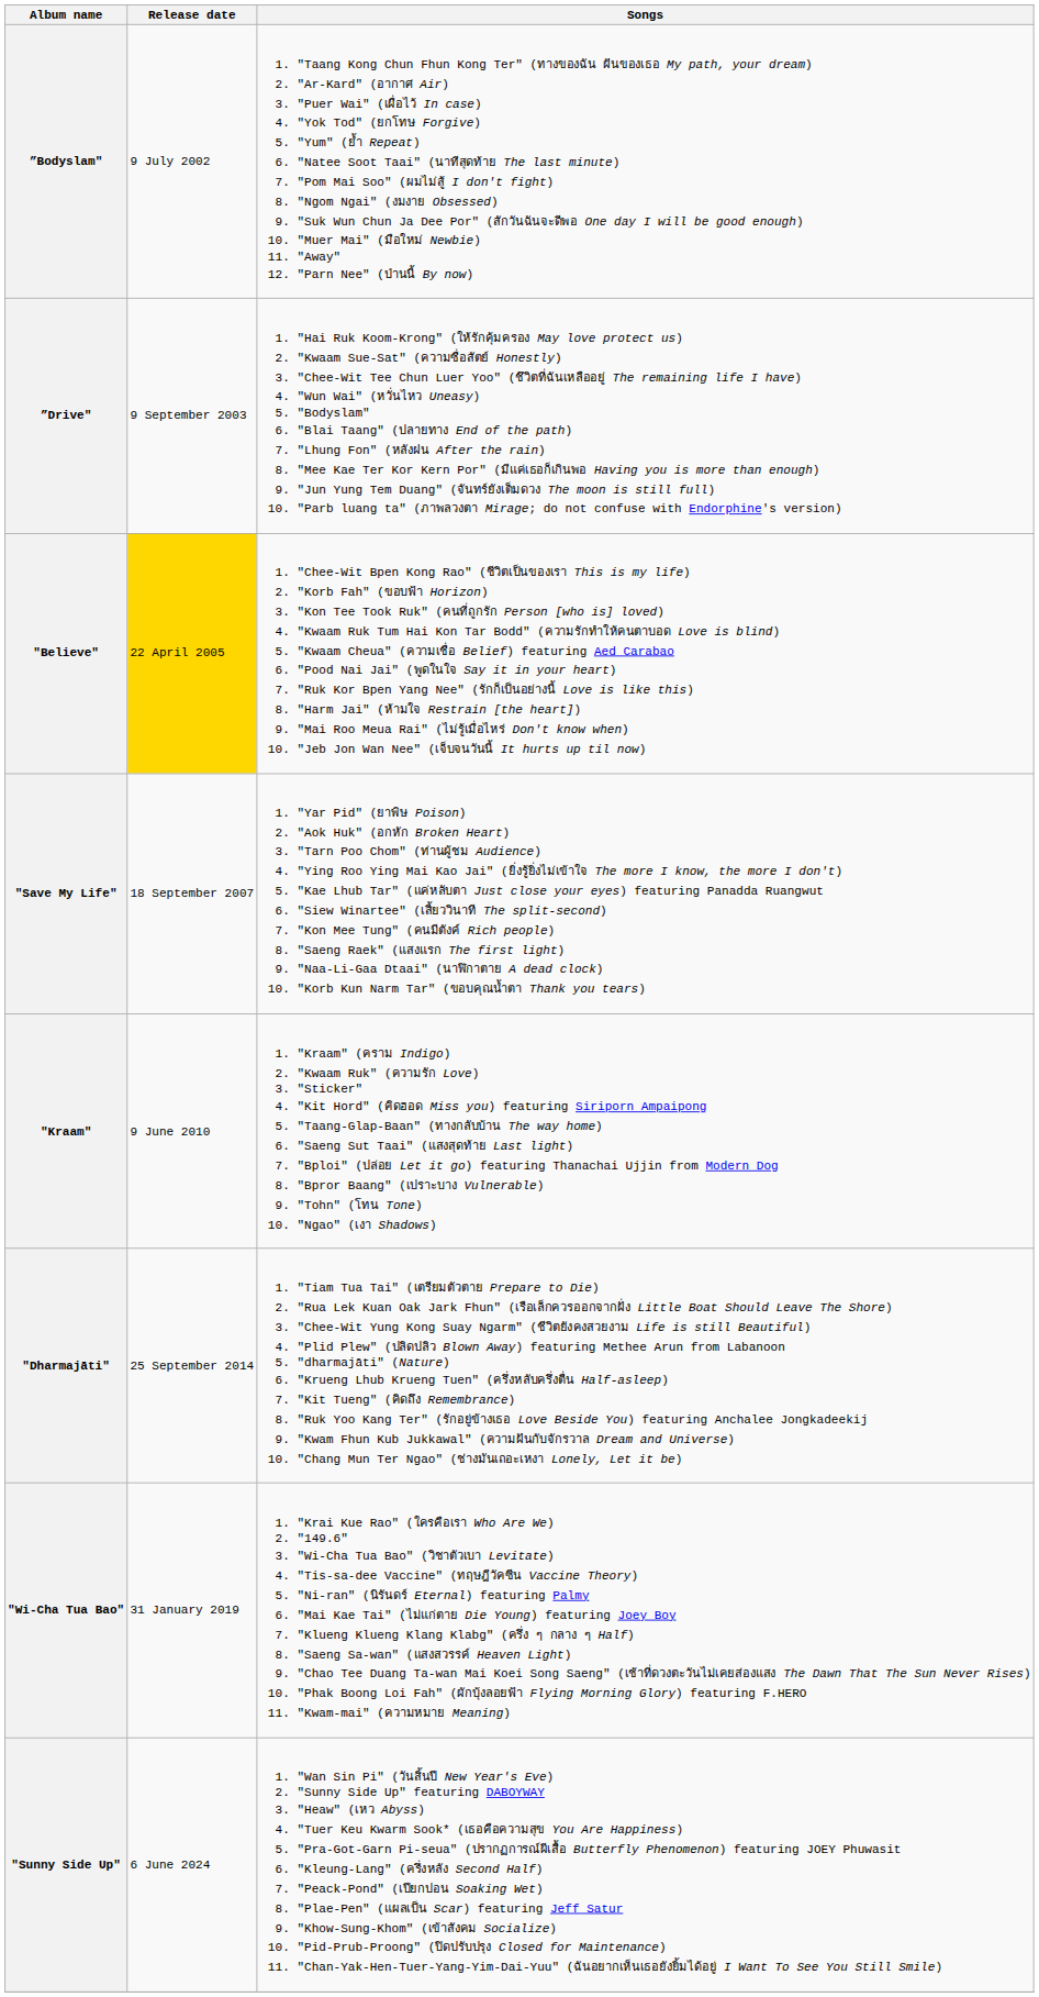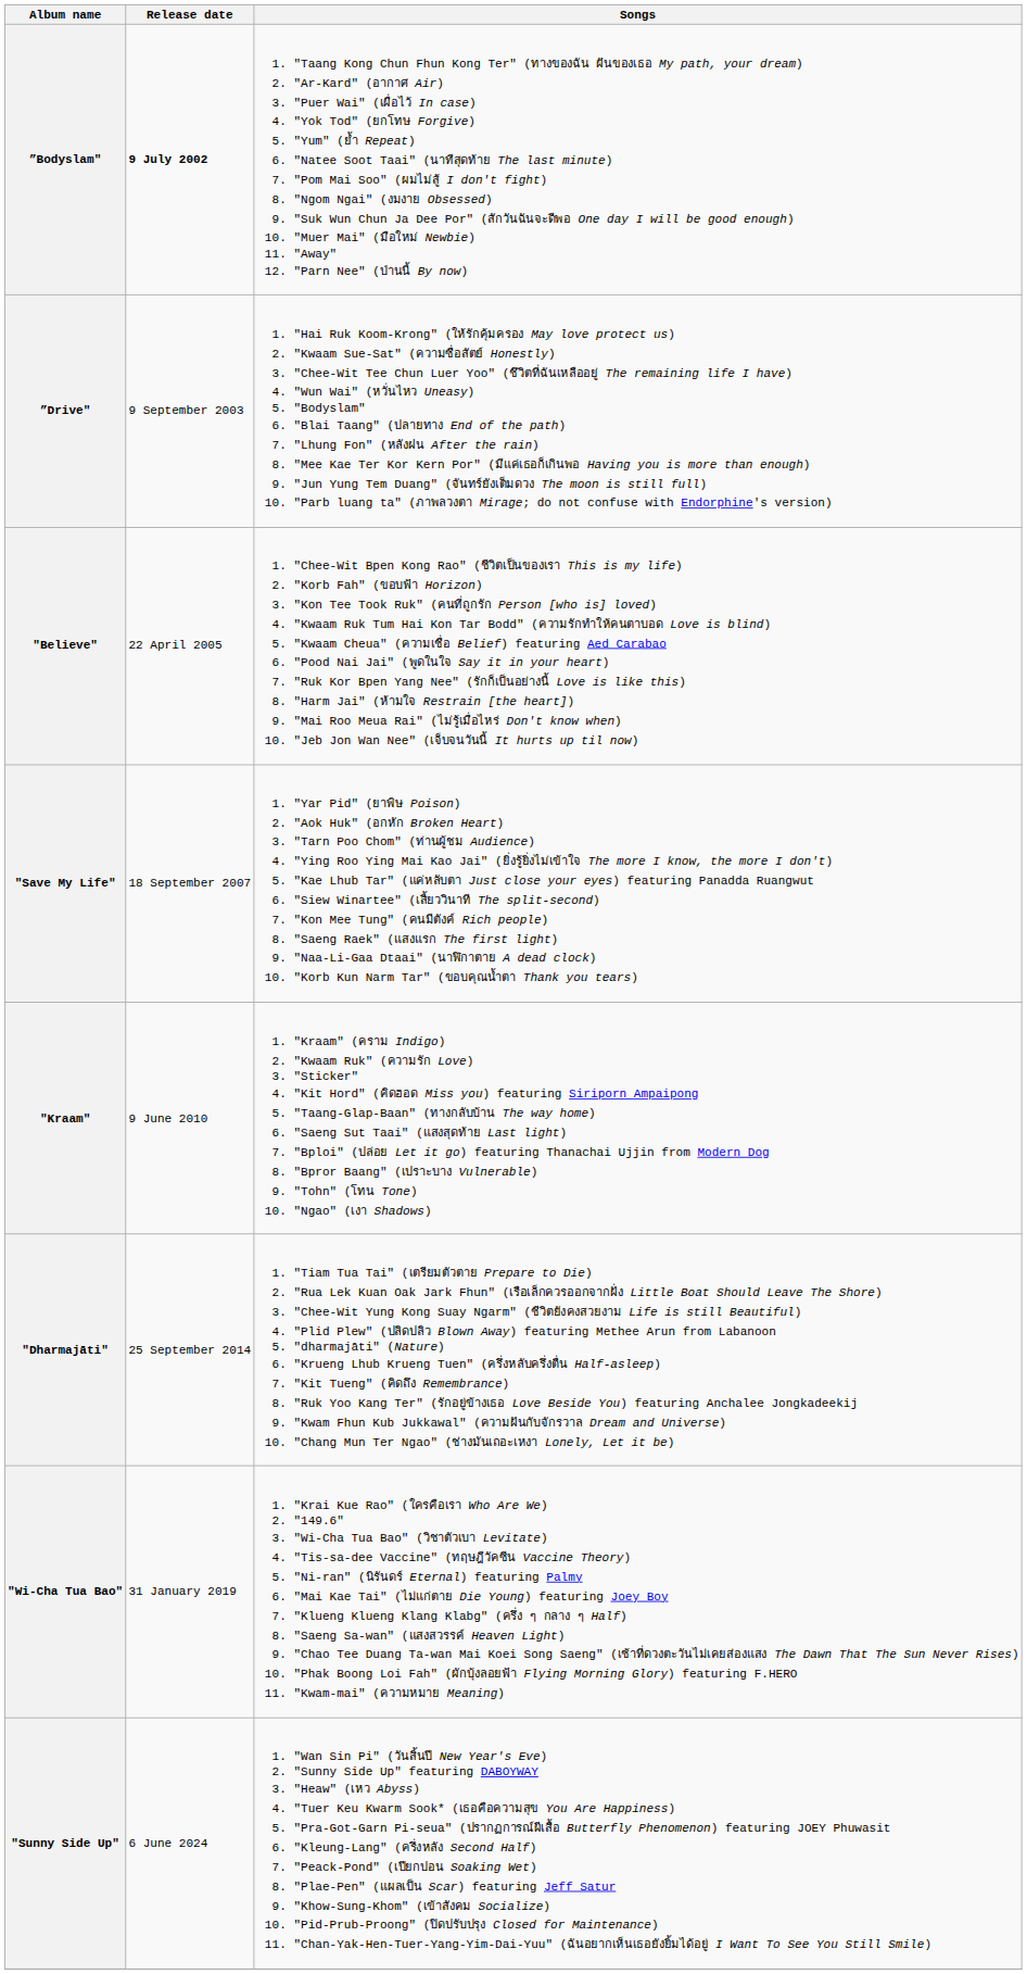 <table class="wikitable sortable">
 <tr>
 <th>Album name</th>
 <th>Release date</th>
 <th>Songs</th>
 </tr>
 <tr>
 <th>”Bodyslam"</th>
-<td>9 July 2002</td>
+<td><strong>9 July 2002</strong></td>
 <td><br><ol><li>"Taang Kong Chun Fhun Kong Ter" (ทางของฉัน ฝันของเธอ <em>My path, your dream</em>)</li><li>"Ar-Kard" (อากาศ <em>Air</em>)</li><li>"Puer Wai" (เผื่อไว้ <em>In case</em>)</li><li>"Yok Tod" (ยกโทษ <em>Forgive</em>)</li><li>"Yum" (ย้ำ <em>Repeat</em>)</li><li>"Natee Soot Taai" (นาทีสุดท้าย <em>The last minute</em>)</li><li>"Pom Mai Soo" (ผมไม่สู้ <em>I don't fight</em>)</li><li>"Ngom Ngai" (งมงาย <em>Obsessed</em>)</li><li>"Suk Wun Chun Ja Dee Por" (สักวันฉันจะดีพอ <em>One day I will be good enough</em>)</li><li>"Muer Mai" (มือใหม่ <em>Newbie</em>)</li><li>"Away"</li><li>"Parn Nee" (ป่านนี้ <em>By now</em>)</li></ol></td>
 </tr>
 <tr>
 <th>”Drive"</th>
 <td>9 September 2003</td>
 <td><br><ol><li>"Hai Ruk Koom-Krong" (ให้รักคุ้มครอง <em>May love protect us</em>)</li><li>"Kwaam Sue-Sat" (ความซื่อสัตย์ <em>Honestly</em>)</li><li>"Chee-Wit Tee Chun Luer Yoo" (ชึวิตที่ฉันเหลืออยู่ <em>The remaining life I have</em>)</li><li>"Wun Wai" (หวั่นไหว <em>Uneasy</em>)</li><li>"Bodyslam"</li><li>"Blai Taang" (ปลายทาง <em>End of the path</em>)</li><li>"Lhung Fon" (หลังฝน <em>After the rain</em>)</li><li>"Mee Kae Ter Kor Kern Por" (มีแค่เธอก็เกินพอ <em>Having you is more than enough</em>)</li><li>"Jun Yung Tem Duang" (จันทร์ยังเต็มดวง <em>The moon is still full</em>)</li><li>"Parb luang ta" (ภาพลวงตา <em>Mirage</em>; do not confuse with <a href='#'>Endorphine</a>'s version)</li></ol></td>
 </tr>
 <tr>
 <th>"Believe"</th>
-<td style="background: gold;">22 April 2005</td>
+<td>22 April 2005</td>
 <td><br><ol><li>"Chee-Wit Bpen Kong Rao" (ชีวิตเป็นของเรา <em>This is my life</em>)</li><li>"Korb Fah" (ขอบฟ้า <em>Horizon</em>)</li><li>"Kon Tee Took Ruk" (คนที่ถูกรัก <em>Person [who is] loved</em>)</li><li>"Kwaam Ruk Tum Hai Kon Tar Bodd" (ความรักทำให้คนตาบอด <em>Love is blind</em>)</li><li>"Kwaam Cheua" (ความเชื่อ <em>Belief</em>) <span>featuring <a href='#'>Aed Carabao</a></span></li><li>"Pood Nai Jai" (พูดในใจ <em>Say it in your heart</em>)</li><li>"Ruk Kor Bpen Yang Nee" (รักก็เป็นอย่างนี้ <em>Love is like this</em>)</li><li>"Harm Jai" (ห้ามใจ <em>Restrain [the heart]</em>)</li><li>"Mai Roo Meua Rai" (ไม่รู้เมื่อไหร่ <em>Don't know when</em>)</li><li>"Jeb Jon Wan Nee" (เจ็บจนวันนี้ <em>It hurts up til now</em>)</li></ol></td>
 </tr>
 <tr>
 <th>"Save My Life"</th>
 <td>18 September 2007</td>
 <td><br><ol><li>"Yar Pid" (ยาพิษ <em>Poison</em>)</li><li>"Aok Huk" (อกหัก <em>Broken Heart</em>)</li><li>"Tarn Poo Chom" (ท่านผู้ชม <em>Audience</em>)</li><li>"Ying Roo Ying Mai Kao Jai" (ยิ่งรู้ยิ่งไม่เข้าใจ <em>The more I know, the more I don't</em>)</li><li>"Kae Lhub Tar" (แค่หลับตา <em>Just close your eyes</em>) <span>featuring Panadda Ruangwut</span></li><li>"Siew Winartee" (เสี้ยววินาที <em>The split-second</em>)</li><li>"Kon Mee Tung" (คนมีตังค์ <em>Rich people</em>)</li><li>"Saeng Raek" (แสงแรก <em>The first light</em>)</li><li>"Naa-Li-Gaa Dtaai" (นาฬิกาตาย <em>A dead clock</em>)</li><li>"Korb Kun Narm Tar" (ขอบคุณน้ำตา <em>Thank you tears</em>)</li></ol></td>
 </tr>
 <tr>
 <th>"Kraam"</th>
 <td>9 June 2010</td>
 <td><br><ol><li>"Kraam" (คราม <em>Indigo</em>)</li><li>"Kwaam Ruk" (ความรัก <em>Love</em>)</li><li>"Sticker"</li><li>"Kit Hord" (คิดฮอด <em>Miss you</em>) <span>featuring <a href='#'>Siriporn Ampaipong</a></span></li><li>"Taang-Glap-Baan" (ทางกลับบ้าน <em>The way home</em>)</li><li>"Saeng Sut Taai" (แสงสุดท้าย <em>Last light</em>)</li><li>"Bploi" (ปล่อย <em>Let it go</em>) <span>featuring Thanachai Ujjin from <a href='#'>Modern Dog</a></span></li><li>"Bpror Baang" (เปราะบาง <em>Vulnerable</em>)</li><li>"Tohn" (โทน <em>Tone</em>)</li><li>"Ngao" (เงา <em>Shadows</em>)</li></ol></td>
 </tr>
 <tr>
 <th>"Dharmajāti"</th>
 <td>25 September 2014</td>
 <td><br><ol><li>"Tiam Tua Tai" (เตรียมตัวตาย <em>Prepare to Die</em>)</li><li>"Rua Lek Kuan Oak Jark Fhun" (เรือเล็กควรออกจากฝั่ง <em>Little Boat Should Leave The Shore</em>)</li><li>"Chee-Wit Yung Kong Suay Ngarm" (ชีวิตยังคงสวยงาม <em>Life is still Beautiful</em>)</li><li>"Plid Plew" (ปลิดปลิว <em>Blown Away</em>) <span>featuring Methee Arun from Labanoon</span></li><li>"dharmajāti" (<em>Nature</em>)</li><li>"Krueng Lhub Krueng Tuen" (ครึ่งหลับครึ่งตื่น <em>Half-asleep</em>)</li><li>"Kit Tueng" (คิดถึง <em>Remembrance</em>)</li><li>"Ruk Yoo Kang Ter" (รักอยู่ข้างเธอ <em>Love Beside You</em>) <span>featuring Anchalee Jongkadeekij</span></li><li>"Kwam Fhun Kub Jukkawal" (ความฝันกับจักรวาล <em>Dream and Universe</em>)</li><li>"Chang Mun Ter Ngao" (ช่างมันเถอะเหงา <em>Lonely, Let it be</em>)</li></ol></td>
 </tr>
 <tr>
 <th>"Wi-Cha Tua Bao"</th>
 <td>31 January 2019</td>
 <td><br><ol><li>"Krai Kue Rao" (ใครคือเรา <em>Who Are We</em>)</li><li>"149.6"</li><li>"Wi-Cha Tua Bao" (วิชาตัวเบา <em>Levitate</em>)</li><li>"Tis-sa-dee Vaccine" (ทฤษฎีวัคซีน <em>Vaccine Theory</em>)</li><li>"Ni-ran" (นิรันดร์ <em>Eternal</em>) <span>featuring <a href='#'>Palmy</a></span></li><li>"Mai Kae Tai" (ไม่แก่ตาย <em>Die Young</em>) <span>featuring <a href='#'>Joey Boy</a></span></li><li>"Klueng Klueng Klang Klabg" (ครึ่ง ๆ กลาง ๆ <em>Half</em>)</li><li>"Saeng Sa-wan" (แสงสวรรค์ <em>Heaven Light</em>)</li><li>"Chao Tee Duang Ta-wan Mai Koei Song Saeng" (เช้าที่ดวงตะวันไม่เคยส่องแสง <em>The Dawn That The Sun Never Rises</em>)</li><li>"Phak Boong Loi Fah" (ผักบุ้งลอยฟ้า <em>Flying Morning Glory</em>) <span>featuring F.HERO</span></li><li>"Kwam-mai" (ความหมาย <em>Meaning</em>)</li></ol></td>
 </tr>
 <tr>
 <th>"Sunny Side Up"</th>
 <td>6 June 2024</td>
 <td><br><ol><li>"Wan Sin Pi" (วันสิ้นปี <em>New Year's Eve</em>)</li><li>"Sunny Side Up" <span>featuring <a href='#'>DABOYWAY</a></span></li><li>"Heaw" (เหว <em>Abyss</em>)</li><li>"Tuer Keu Kwarm Sook* (เธอคือความสุข <em>You Are Happiness</em>)</li><li>"Pra-Got-Garn Pi-seua" (ปรากฏการณ์ผีเสื้อ <em>Butterfly Phenomenon</em>) <span>featuring JOEY Phuwasit</span></li><li>"Kleung-Lang" (ครึ่งหลัง <em>Second Half</em>)</li><li>"Peack-Pond" (เปียกปอน <em>Soaking Wet</em>)</li><li>"Plae-Pen" (แผลเป็น <em>Scar</em>) <span>featuring <a href='#'>Jeff Satur</a></span></li><li>"Khow-Sung-Khom" (เข้าสังคม <em>Socialize</em>)</li><li>"Pid-Prub-Proong" (ปิดปรับปรุง <em>Closed for Maintenance</em>)</li><li>"Chan-Yak-Hen-Tuer-Yang-Yim-Dai-Yuu" (ฉันอยากเห็นเธอยังยิ้มได้อยู่ <em>I Want To See You Still Smile</em>)</li></ol></td>
 </tr>
 <tr>
 </tr>
 </table>
